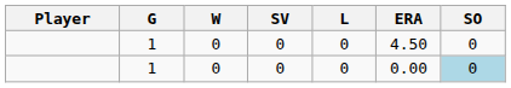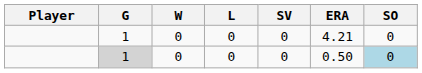 <table class="wikitable sortable">
 <tr>
 <th bgcolor="#DDDDFF" width="16%">Player</th>
 <th bgcolor="#DDDDFF" width="9%">G</th>
 <th bgcolor="#DDDDFF" width="9%">W</th>
+<th bgcolor="#DDDDFF" width="9%">L</th>
 <th bgcolor="#DDDDFF" width="9%">SV</th>
-<th bgcolor="#DDDDFF" width="9%">L</th>
 <th bgcolor="#DDDDFF" width="9%">ERA</th>
 <th bgcolor="#DDDDFF" width="9%">SO</th>
 </tr>
 <tr align="center">
 <td></td>
 <td>1</td>
 <td>0</td>
 <td>0</td>
 <td>0</td>
-<td>4.50</td>
+<td>4.21</td>
 <td>0</td>
 </tr>
 <tr align="center">
 <td></td>
-<td>1</td>
+<td style="background: lightgrey;">1</td>
 <td>0</td>
 <td>0</td>
 <td>0</td>
-<td>0.00</td>
+<td>0.50</td>
 <td style="background: lightblue;">0</td>
 </tr>
 </table>
